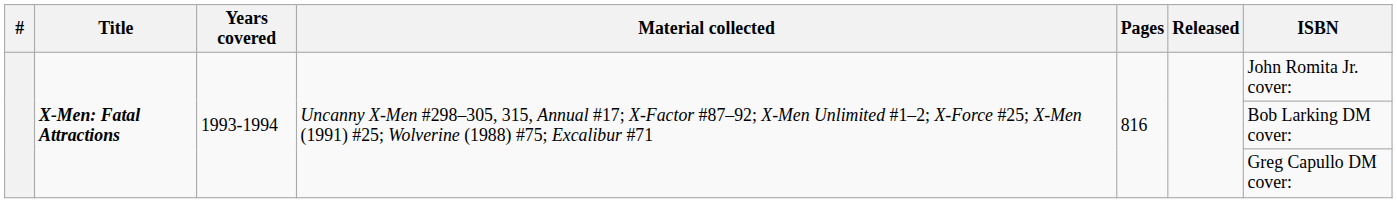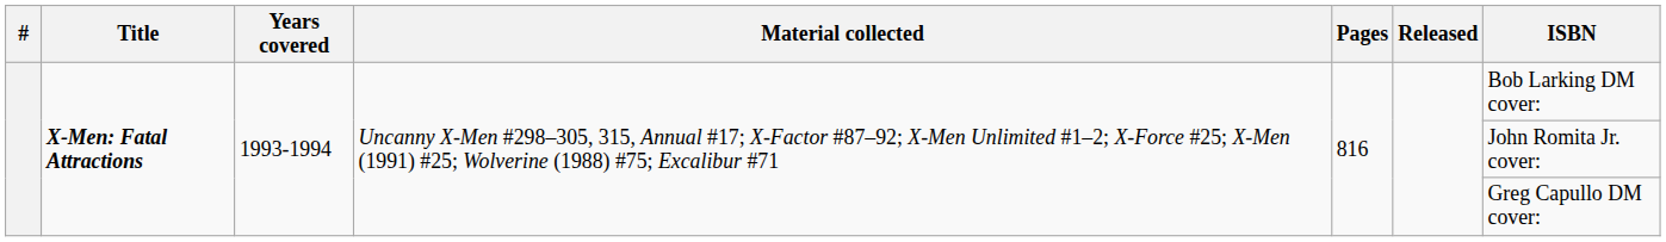 <table class="wikitable sortable" width="99%">
 <tr>
 <th class="unsortable" width="20px">#</th>
 <th>Title</th>
 <th>Years covered</th>
 <th class="unsortable">Material collected</th>
 <th>Pages</th>
 <th>Released</th>
 <th class="unsortable">ISBN</th>
 </tr>
 <tr>
 <th rowspan="3"></th>
 <td rowspan="3"><strong><em>X-Men: Fatal Attractions</em></strong></td>
 <td rowspan="3">1993-1994</td>
 <td rowspan="3"><em>Uncanny X-Men</em> #298–305, 315, <em>Annual</em> #17; <em>X-Factor</em> #87–92; <em>X-Men Unlimited</em> #1–2; <em>X-Force</em> #25; <em>X-Men</em> (1991) #25; <em>Wolverine</em> (1988) #75; <em>Excalibur</em> #71</td>
 <td rowspan="3">816</td>
 <td rowspan="3"></td>
-<td>John Romita Jr. cover: </td>
+<td>Bob Larking DM cover: </td>
 </tr>
 <tr>
-<td>Bob Larking DM cover: </td>
+<td>John Romita Jr. cover: </td>
 </tr>
 <tr>
 <td>Greg Capullo DM cover: </td>
 </tr>
 </table>
